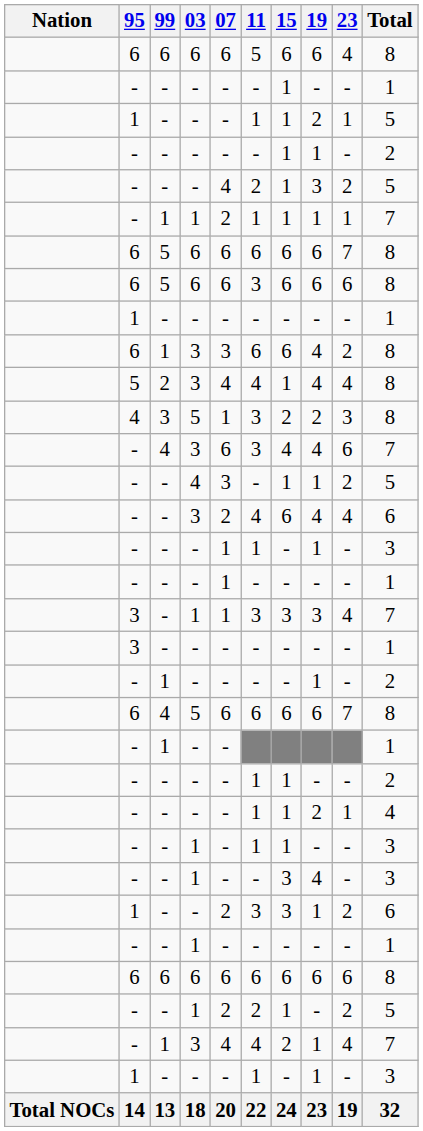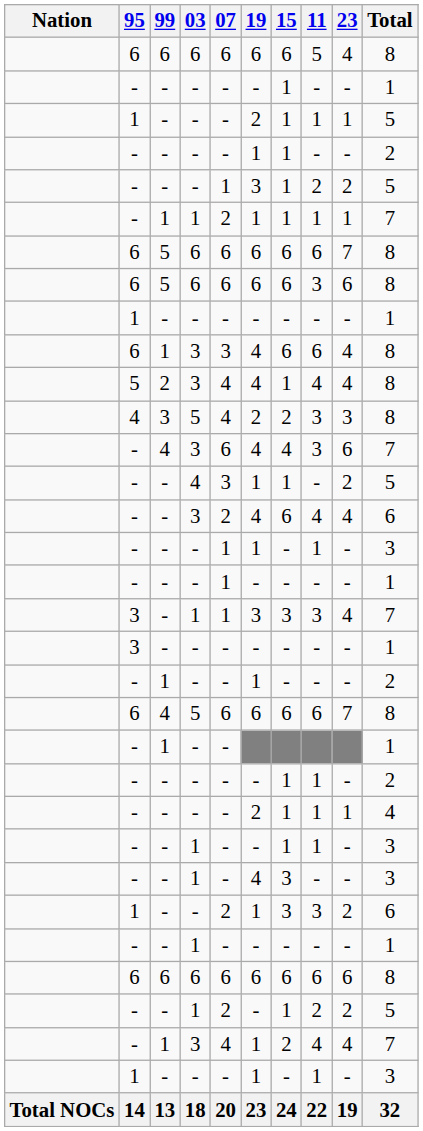 <table class="wikitable" style="text-align:center;">
 <tr>
 <th>Nation</th>
 <th><a href='#'>95</a></th>
 <th><a href='#'>99</a></th>
 <th><a href='#'>03</a></th>
 <th><a href='#'>07</a></th>
+<th><a href='#'>19</a></th>
+<th><a href='#'>15</a></th>
 <th><a href='#'>11</a></th>
-<th><a href='#'>15</a></th>
-<th><a href='#'>19</a></th>
 <th><a href='#'>23</a></th>
 <th>Total</th>
 </tr>
 <tr>
 <td align=left></td>
 <td>6</td>
 <td>6</td>
 <td>6</td>
 <td>6</td>
-<td>5</td>
 <td>6</td>
 <td>6</td>
+<td>5</td>
 <td>4</td>
 <td>8</td>
 </tr>
 <tr>
 <td align=left></td>
 <td>-</td>
 <td>-</td>
 <td>-</td>
 <td>-</td>
 <td>-</td>
 <td>1</td>
 <td>-</td>
 <td>-</td>
 <td>1</td>
 </tr>
 <tr>
 <td align=left></td>
 <td>1</td>
 <td>-</td>
 <td>-</td>
 <td>-</td>
+<td>2</td>
 <td>1</td>
 <td>1</td>
-<td>2</td>
 <td>1</td>
 <td>5</td>
 </tr>
 <tr>
 <td align=left></td>
 <td>-</td>
 <td>-</td>
 <td>-</td>
 <td>-</td>
-<td>-</td>
 <td>1</td>
 <td>1</td>
+<td>-</td>
 <td>-</td>
 <td>2</td>
 </tr>
 <tr>
 <td align=left></td>
 <td>-</td>
 <td>-</td>
 <td>-</td>
-<td>4</td>
-<td>2</td>
 <td>1</td>
 <td>3</td>
+<td>1</td>
+<td>2</td>
 <td>2</td>
 <td>5</td>
 </tr>
 <tr>
 <td align=left></td>
 <td>-</td>
 <td>1</td>
 <td>1</td>
 <td>2</td>
 <td>1</td>
 <td>1</td>
 <td>1</td>
 <td>1</td>
 <td>7</td>
 </tr>
 <tr>
 <td align=left></td>
 <td>6</td>
 <td>5</td>
 <td>6</td>
 <td>6</td>
 <td>6</td>
 <td>6</td>
 <td>6</td>
 <td>7</td>
 <td>8</td>
 </tr>
 <tr>
 <td align=left></td>
 <td>6</td>
 <td>5</td>
 <td>6</td>
 <td>6</td>
-<td>3</td>
 <td>6</td>
 <td>6</td>
+<td>3</td>
 <td>6</td>
 <td>8</td>
 </tr>
 <tr>
 <td align=left></td>
 <td>1</td>
 <td>-</td>
 <td>-</td>
 <td>-</td>
 <td>-</td>
 <td>-</td>
 <td>-</td>
 <td>-</td>
 <td>1</td>
 </tr>
 <tr>
 <td align=left></td>
 <td>6</td>
 <td>1</td>
 <td>3</td>
 <td>3</td>
+<td>4</td>
 <td>6</td>
 <td>6</td>
 <td>4</td>
-<td>2</td>
 <td>8</td>
 </tr>
 <tr>
 <td align=left></td>
 <td>5</td>
 <td>2</td>
 <td>3</td>
 <td>4</td>
 <td>4</td>
 <td>1</td>
 <td>4</td>
 <td>4</td>
 <td>8</td>
 </tr>
 <tr>
 <td align=left></td>
 <td>4</td>
 <td>3</td>
 <td>5</td>
-<td>1</td>
-<td>3</td>
+<td>4</td>
 <td>2</td>
 <td>2</td>
+<td>3</td>
 <td>3</td>
 <td>8</td>
 </tr>
 <tr>
 <td align=left></td>
 <td>-</td>
 <td>4</td>
 <td>3</td>
 <td>6</td>
-<td>3</td>
 <td>4</td>
 <td>4</td>
+<td>3</td>
 <td>6</td>
 <td>7</td>
 </tr>
 <tr>
 <td align=left></td>
 <td>-</td>
 <td>-</td>
 <td>4</td>
 <td>3</td>
-<td>-</td>
 <td>1</td>
 <td>1</td>
+<td>-</td>
 <td>2</td>
 <td>5</td>
 </tr>
 <tr>
 <td align=left></td>
 <td>-</td>
 <td>-</td>
 <td>3</td>
 <td>2</td>
 <td>4</td>
 <td>6</td>
 <td>4</td>
 <td>4</td>
 <td>6</td>
 </tr>
 <tr>
 <td align=left></td>
 <td>-</td>
 <td>-</td>
 <td>-</td>
 <td>1</td>
 <td>1</td>
 <td>-</td>
 <td>1</td>
 <td>-</td>
 <td>3</td>
 </tr>
 <tr>
 <td align=left></td>
 <td>-</td>
 <td>-</td>
 <td>-</td>
 <td>1</td>
 <td>-</td>
 <td>-</td>
 <td>-</td>
 <td>-</td>
 <td>1</td>
 </tr>
 <tr>
 <td align=left></td>
 <td>3</td>
 <td>-</td>
 <td>1</td>
 <td>1</td>
 <td>3</td>
 <td>3</td>
 <td>3</td>
 <td>4</td>
 <td>7</td>
 </tr>
 <tr>
 <td align=left></td>
 <td>3</td>
 <td>-</td>
 <td>-</td>
 <td>-</td>
 <td>-</td>
 <td>-</td>
 <td>-</td>
 <td>-</td>
 <td>1</td>
 </tr>
 <tr>
 <td align=left></td>
 <td>-</td>
 <td>1</td>
 <td>-</td>
 <td>-</td>
+<td>1</td>
 <td>-</td>
 <td>-</td>
-<td>1</td>
 <td>-</td>
 <td>2</td>
 </tr>
 <tr>
 <td align=left></td>
 <td>6</td>
 <td>4</td>
 <td>5</td>
 <td>6</td>
 <td>6</td>
 <td>6</td>
 <td>6</td>
 <td>7</td>
 <td>8</td>
 </tr>
 <tr>
 <td align=left></td>
 <td>-</td>
 <td>1</td>
 <td>-</td>
 <td>-</td>
 <td bgcolor=gray></td>
 <td bgcolor=gray></td>
 <td bgcolor=gray></td>
 <td bgcolor=gray></td>
 <td>1</td>
 </tr>
 <tr>
 <td align=left></td>
 <td>-</td>
 <td>-</td>
 <td>-</td>
 <td>-</td>
+<td>-</td>
 <td>1</td>
 <td>1</td>
-<td>-</td>
 <td>-</td>
 <td>2</td>
 </tr>
 <tr>
 <td align=left></td>
 <td>-</td>
 <td>-</td>
 <td>-</td>
 <td>-</td>
+<td>2</td>
 <td>1</td>
 <td>1</td>
-<td>2</td>
 <td>1</td>
 <td>4</td>
 </tr>
 <tr>
 <td align=left></td>
 <td>-</td>
 <td>-</td>
 <td>1</td>
 <td>-</td>
+<td>-</td>
 <td>1</td>
 <td>1</td>
-<td>-</td>
 <td>-</td>
 <td>3</td>
 </tr>
 <tr>
 <td align=left></td>
 <td>-</td>
 <td>-</td>
 <td>1</td>
 <td>-</td>
+<td>4</td>
+<td>3</td>
 <td>-</td>
-<td>3</td>
-<td>4</td>
 <td>-</td>
 <td>3</td>
 </tr>
 <tr>
 <td align=left></td>
 <td>1</td>
 <td>-</td>
 <td>-</td>
 <td>2</td>
+<td>1</td>
 <td>3</td>
 <td>3</td>
-<td>1</td>
 <td>2</td>
 <td>6</td>
 </tr>
 <tr>
 <td align=left></td>
 <td>-</td>
 <td>-</td>
 <td>1</td>
 <td>-</td>
 <td>-</td>
 <td>-</td>
 <td>-</td>
 <td>-</td>
 <td>1</td>
 </tr>
 <tr>
 <td align=left></td>
 <td>6</td>
 <td>6</td>
 <td>6</td>
 <td>6</td>
 <td>6</td>
 <td>6</td>
 <td>6</td>
 <td>6</td>
 <td>8</td>
 </tr>
 <tr>
 <td align=left></td>
 <td>-</td>
 <td>-</td>
 <td>1</td>
 <td>2</td>
+<td>-</td>
+<td>1</td>
 <td>2</td>
-<td>1</td>
-<td>-</td>
 <td>2</td>
 <td>5</td>
 </tr>
 <tr>
 <td align=left></td>
 <td>-</td>
 <td>1</td>
 <td>3</td>
 <td>4</td>
+<td>1</td>
+<td>2</td>
 <td>4</td>
-<td>2</td>
-<td>1</td>
 <td>4</td>
 <td>7</td>
 </tr>
 <tr>
 <td align=left></td>
 <td>1</td>
 <td>-</td>
 <td>-</td>
 <td>-</td>
 <td>1</td>
 <td>-</td>
 <td>1</td>
 <td>-</td>
 <td>3</td>
 </tr>
 <tr class="sortbottom">
 <th>Total NOCs</th>
 <th>14</th>
 <th>13</th>
 <th>18</th>
 <th>20</th>
+<th>23</th>
+<th>24</th>
 <th>22</th>
-<th>24</th>
-<th>23</th>
 <th>19</th>
 <th><strong>32</strong></th>
 </tr>
 </table>
